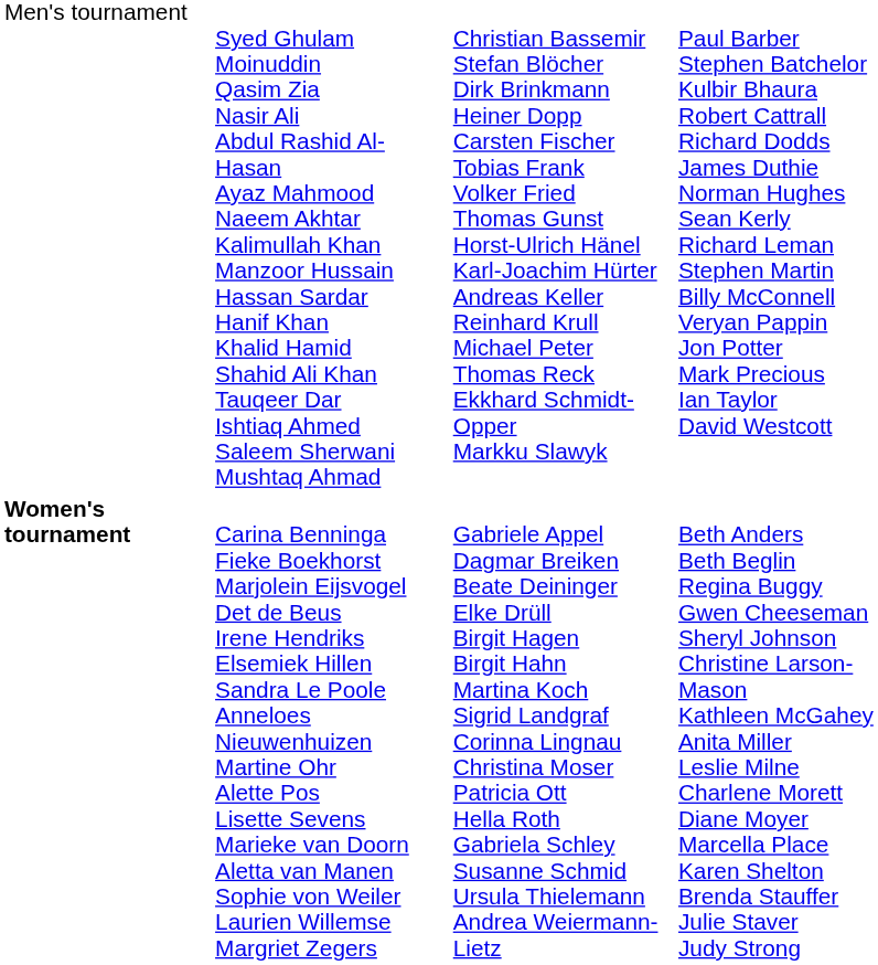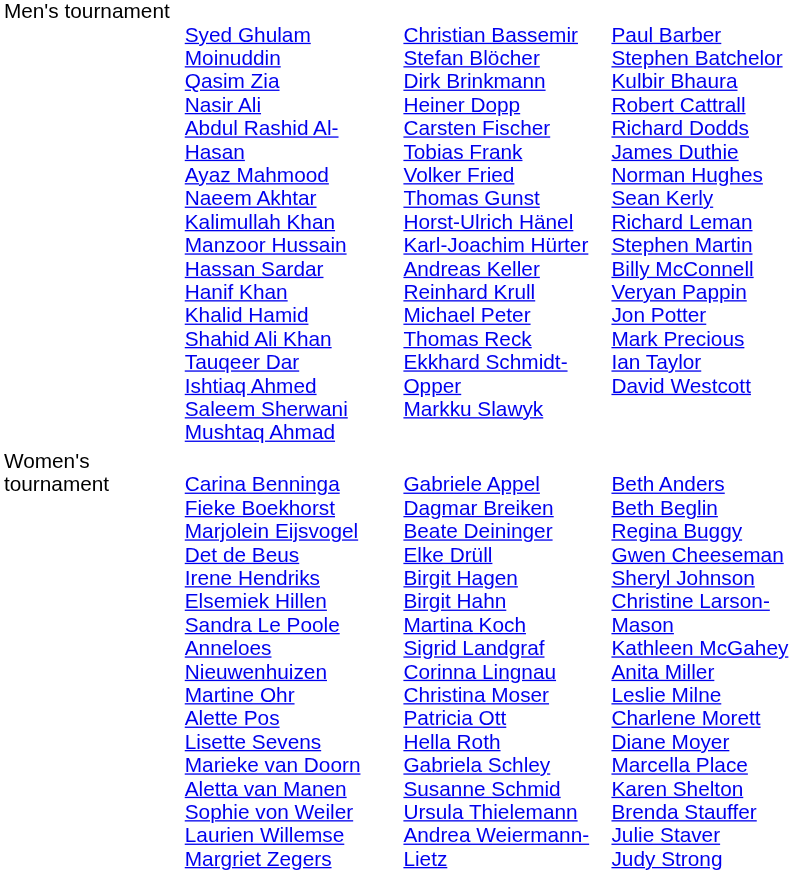 <table>
 <tr valign="top">
 <td>Men's tournament<br></td>
 <td><br><a href='#'>Syed Ghulam Moinuddin</a><br><a href='#'>Qasim Zia</a><br><a href='#'>Nasir Ali</a><br><a href='#'>Abdul Rashid Al-Hasan</a><br><a href='#'>Ayaz Mahmood</a><br><a href='#'>Naeem Akhtar</a><br><a href='#'>Kalimullah Khan</a><br><a href='#'>Manzoor Hussain</a><br><a href='#'>Hassan Sardar</a><br><a href='#'>Hanif Khan</a><br><a href='#'>Khalid Hamid</a><br><a href='#'>Shahid Ali Khan</a><br><a href='#'>Tauqeer Dar</a><br><a href='#'>Ishtiaq Ahmed</a><br><a href='#'>Saleem Sherwani</a><br><a href='#'>Mushtaq Ahmad</a></td>
 <td valign=top><br><a href='#'>Christian Bassemir</a><br><a href='#'>Stefan Blöcher</a><br><a href='#'>Dirk Brinkmann</a><br><a href='#'>Heiner Dopp</a><br><a href='#'>Carsten Fischer</a><br><a href='#'>Tobias Frank</a><br><a href='#'>Volker Fried</a><br><a href='#'>Thomas Gunst</a><br><a href='#'>Horst-Ulrich Hänel</a><br><a href='#'>Karl-Joachim Hürter</a><br><a href='#'>Andreas Keller</a><br><a href='#'>Reinhard Krull</a><br><a href='#'>Michael Peter</a><br><a href='#'>Thomas Reck</a><br><a href='#'>Ekkhard Schmidt-Opper</a><br><a href='#'>Markku Slawyk</a></td>
 <td><br><a href='#'>Paul Barber</a><br><a href='#'>Stephen Batchelor</a><br><a href='#'>Kulbir Bhaura</a><br><a href='#'>Robert Cattrall</a><br><a href='#'>Richard Dodds</a><br><a href='#'>James Duthie</a><br><a href='#'>Norman Hughes</a><br><a href='#'>Sean Kerly</a><br><a href='#'>Richard Leman</a><br><a href='#'>Stephen Martin</a><br><a href='#'>Billy McConnell</a><br><a href='#'>Veryan Pappin</a><br><a href='#'>Jon Potter</a><br><a href='#'>Mark Precious</a><br><a href='#'>Ian Taylor</a><br><a href='#'>David Westcott</a></td>
 </tr>
 <tr valign="top">
-<td><strong>Women's tournament<br></strong></td>
+<td>Women's tournament<br></td>
 <td><br><a href='#'>Carina Benninga</a><br><a href='#'>Fieke Boekhorst</a><br><a href='#'>Marjolein Eijsvogel</a><br><a href='#'>Det de Beus</a><br><a href='#'>Irene Hendriks</a><br><a href='#'>Elsemiek Hillen</a><br><a href='#'>Sandra Le Poole</a><br><a href='#'>Anneloes Nieuwenhuizen</a><br><a href='#'>Martine Ohr</a><br><a href='#'>Alette Pos</a><br><a href='#'>Lisette Sevens</a><br><a href='#'>Marieke van Doorn</a><br><a href='#'>Aletta van Manen</a><br><a href='#'>Sophie von Weiler</a><br><a href='#'>Laurien Willemse</a><br><a href='#'>Margriet Zegers</a></td>
 <td><br><a href='#'>Gabriele Appel</a><br><a href='#'>Dagmar Breiken</a><br><a href='#'>Beate Deininger</a><br><a href='#'>Elke Drüll</a><br><a href='#'>Birgit Hagen</a><br><a href='#'>Birgit Hahn</a><br><a href='#'>Martina Koch</a><br><a href='#'>Sigrid Landgraf</a><br><a href='#'>Corinna Lingnau</a><br><a href='#'>Christina Moser</a><br><a href='#'>Patricia Ott</a><br><a href='#'>Hella Roth</a><br><a href='#'>Gabriela Schley</a><br><a href='#'>Susanne Schmid</a><br><a href='#'>Ursula Thielemann</a><br><a href='#'>Andrea Weiermann-Lietz</a></td>
 <td><br><a href='#'>Beth Anders</a><br><a href='#'>Beth Beglin</a><br><a href='#'>Regina Buggy</a><br><a href='#'>Gwen Cheeseman</a><br><a href='#'>Sheryl Johnson</a><br><a href='#'>Christine Larson-Mason</a><br><a href='#'>Kathleen McGahey</a><br><a href='#'>Anita Miller</a><br><a href='#'>Leslie Milne</a><br><a href='#'>Charlene Morett</a><br><a href='#'>Diane Moyer</a><br><a href='#'>Marcella Place</a><br><a href='#'>Karen Shelton</a><br><a href='#'>Brenda Stauffer</a><br><a href='#'>Julie Staver</a><br><a href='#'>Judy Strong</a></td>
 </tr>
 </table>
